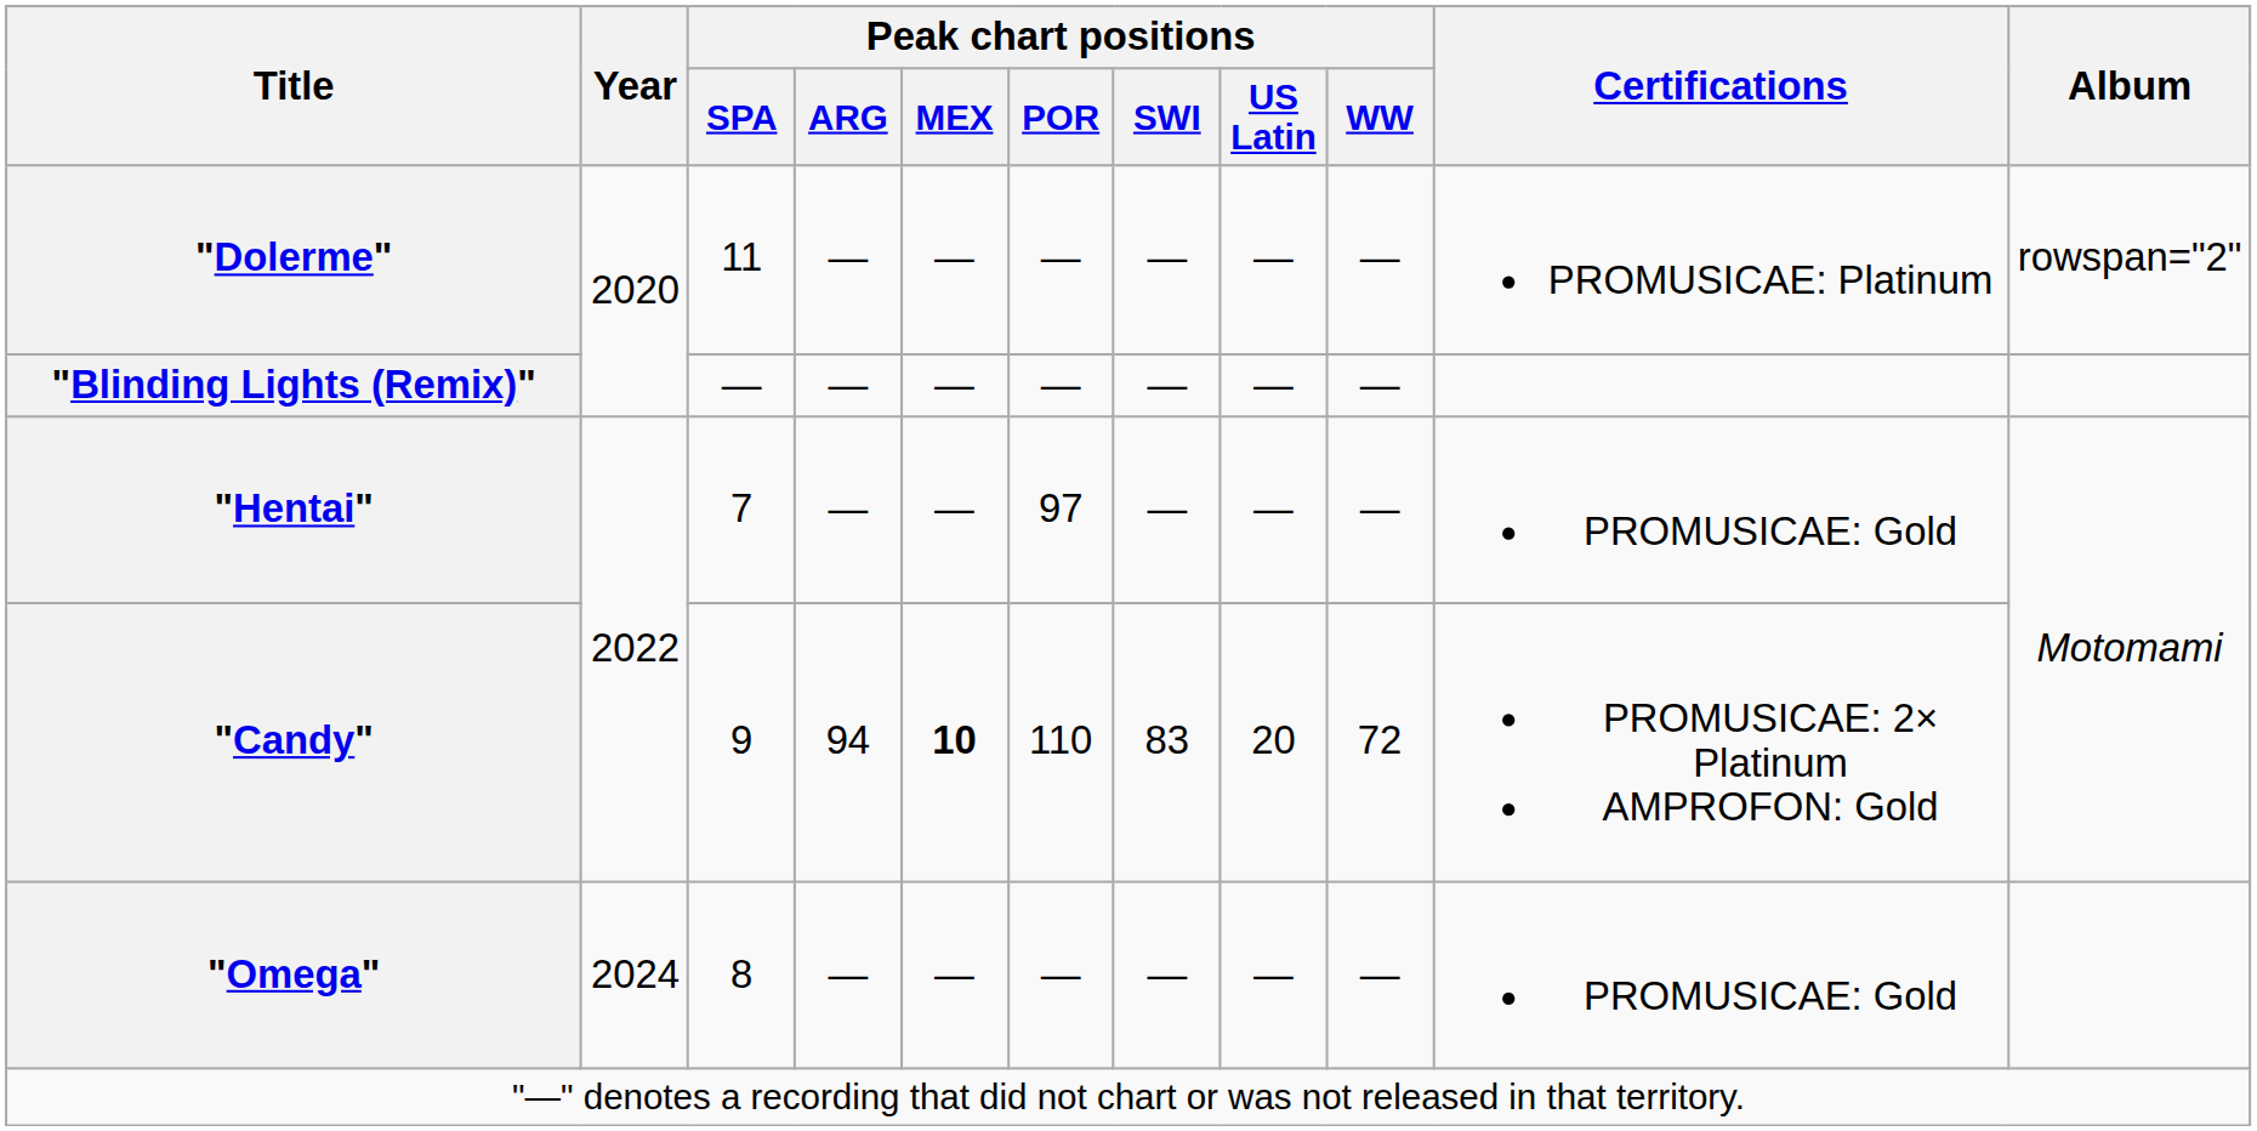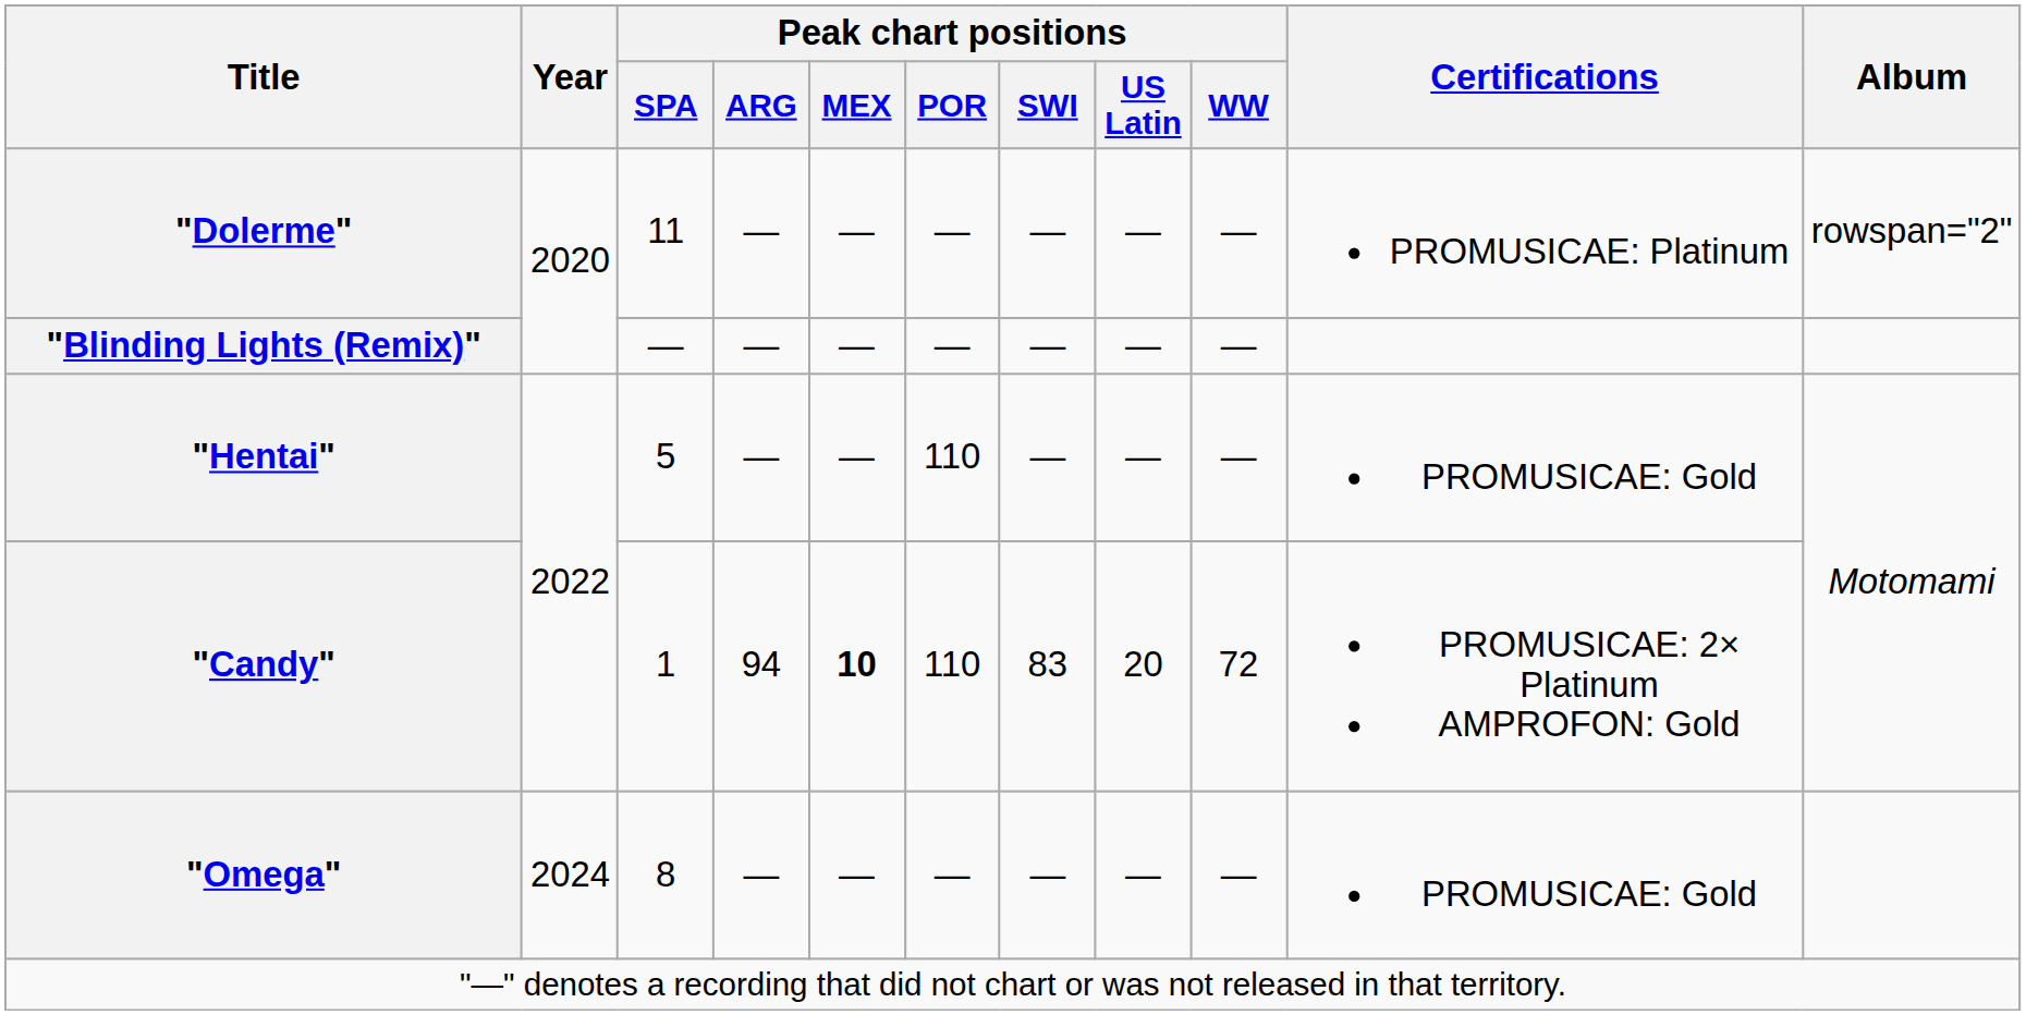 <table class="wikitable plainrowheaders" style="text-align:center;">
 <tr>
 <th scope="col" rowspan="2" style="width:14em;">Title</th>
 <th scope="col" rowspan="2" style="width:1em;">Year</th>
 <th scope="col" colspan="7">Peak chart positions</th>
 <th scope="col" rowspan="2" style="width:14em;"><a href='#'>Certifications</a></th>
 <th scope="col" rowspan="2">Album</th>
 </tr>
 <tr>
 <th scope="col" style="width:2.5em;font-size:90%;"><a href='#'>SPA</a><br></th>
 <th scope="col" style="width:2.5em;font-size:90%;"><a href='#'>ARG</a><br></th>
 <th scope="col" style="width:2.5em;font-size:90%;"><a href='#'>MEX</a><br></th>
 <th scope="col" style="width:2.5em;font-size:90%;"><a href='#'>POR</a><br></th>
 <th scope="col" style="width:2.5em;font-size:90%;"><a href='#'>SWI</a><br></th>
 <th scope="col" style="width:2.5em;font-size:90%;"><a href='#'>US<br>Latin</a><br></th>
 <th scope="col" style="width:2.5em;font-size:90%;"><a href='#'>WW</a><br></th>
 </tr>
 <tr>
 <th scope="row">"<a href='#'>Dolerme</a>"</th>
 <td rowspan="2">2020</td>
 <td>11</td>
 <td>—</td>
 <td>—</td>
 <td>—</td>
 <td>—</td>
 <td>—</td>
 <td>—</td>
 <td><br><ul><li>PROMUSICAE: Platinum</li></ul></td>
 <td>rowspan="2" </td>
 </tr>
 <tr>
 <th scope="row">"<a href='#'>Blinding Lights (Remix)</a>"<br></th>
 <td>—</td>
 <td>—</td>
 <td>—</td>
 <td>—</td>
 <td>—</td>
 <td>—</td>
 <td>—</td>
 <td></td>
 </tr>
 <tr>
 <th scope="row">"<a href='#'>Hentai</a>"</th>
 <td rowspan="2">2022</td>
-<td>7</td>
+<td>5</td>
 <td>—</td>
 <td>—</td>
-<td>97</td>
+<td>110</td>
 <td>—</td>
 <td>—</td>
 <td>—</td>
 <td><br><ul><li>PROMUSICAE: Gold</li></ul></td>
 <td rowspan="2"><em>Motomami</em></td>
 </tr>
 <tr>
 <th scope="row">"<a href='#'>Candy</a>"</th>
-<td>9</td>
+<td>1</td>
 <td>94</td>
 <td><strong>10</strong></td>
 <td>110</td>
 <td>83</td>
 <td>20</td>
 <td>72</td>
 <td><br><ul><li>PROMUSICAE: 2× Platinum</li><li>AMPROFON: Gold</li></ul></td>
 </tr>
 <tr>
 <th scope="row">"<a href='#'>Omega</a>"<br></th>
 <td>2024</td>
 <td>8</td>
 <td>—</td>
 <td>—</td>
 <td>—</td>
 <td>—</td>
 <td>—</td>
 <td>—</td>
 <td><br><ul><li>PROMUSICAE: Gold</li></ul></td>
 <td></td>
 </tr>
 <tr>
 <td colspan="11" style="font-size:90%">"—" denotes a recording that did not chart or was not released in that territory.</td>
 </tr>
 </table>
